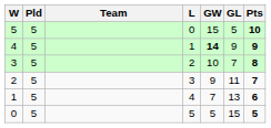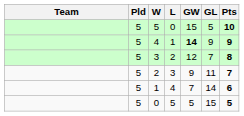 <table class="wikitable" style="text-align:center">
 <tr>
+<th width=200>Team</th>
+<th width=20>Pld</th>
 <th width=20>W</th>
-<th width=20>Pld</th>
-<th width=200>Team</th>
 <th width=20>L</th>
 <th width=20>GW</th>
 <th width=20>GL</th>
 <th width=20>Pts</th>
 </tr>
 <tr bgcolor=ccffcc>
+<td style="text-align:left;"></td>
 <td>5</td>
 <td>5</td>
-<td style="text-align:left;"></td>
 <td>0</td>
 <td>15</td>
 <td>5</td>
 <td><strong>10</strong></td>
 </tr>
 <tr bgcolor=ccffcc>
+<td style="text-align:left;"></td>
+<td>5</td>
 <td>4</td>
-<td>5</td>
-<td style="text-align:left;"></td>
 <td>1</td>
 <td><strong>14</strong></td>
 <td>9</td>
 <td><strong>9</strong></td>
 </tr>
 <tr bgcolor=ccffcc>
+<td style="text-align:left;"></td>
+<td>5</td>
 <td>3</td>
-<td>5</td>
-<td style="text-align:left;"></td>
 <td>2</td>
-<td>10</td>
+<td>12</td>
 <td>7</td>
 <td><strong>8</strong></td>
 </tr>
 <tr>
+<td style="text-align:left;"></td>
+<td>5</td>
 <td>2</td>
-<td>5</td>
-<td style="text-align:left;"></td>
 <td>3</td>
 <td>9</td>
 <td>11</td>
 <td><strong>7</strong></td>
 </tr>
 <tr>
+<td style="text-align:left;"></td>
+<td>5</td>
 <td>1</td>
-<td>5</td>
-<td style="text-align:left;"></td>
 <td>4</td>
 <td>7</td>
-<td>13</td>
+<td>14</td>
 <td><strong>6</strong></td>
 </tr>
 <tr>
+<td style="text-align:left;"></td>
+<td>5</td>
 <td>0</td>
-<td>5</td>
-<td style="text-align:left;"></td>
 <td>5</td>
 <td>5</td>
 <td>15</td>
 <td><strong>5</strong></td>
 </tr>
 </table>
